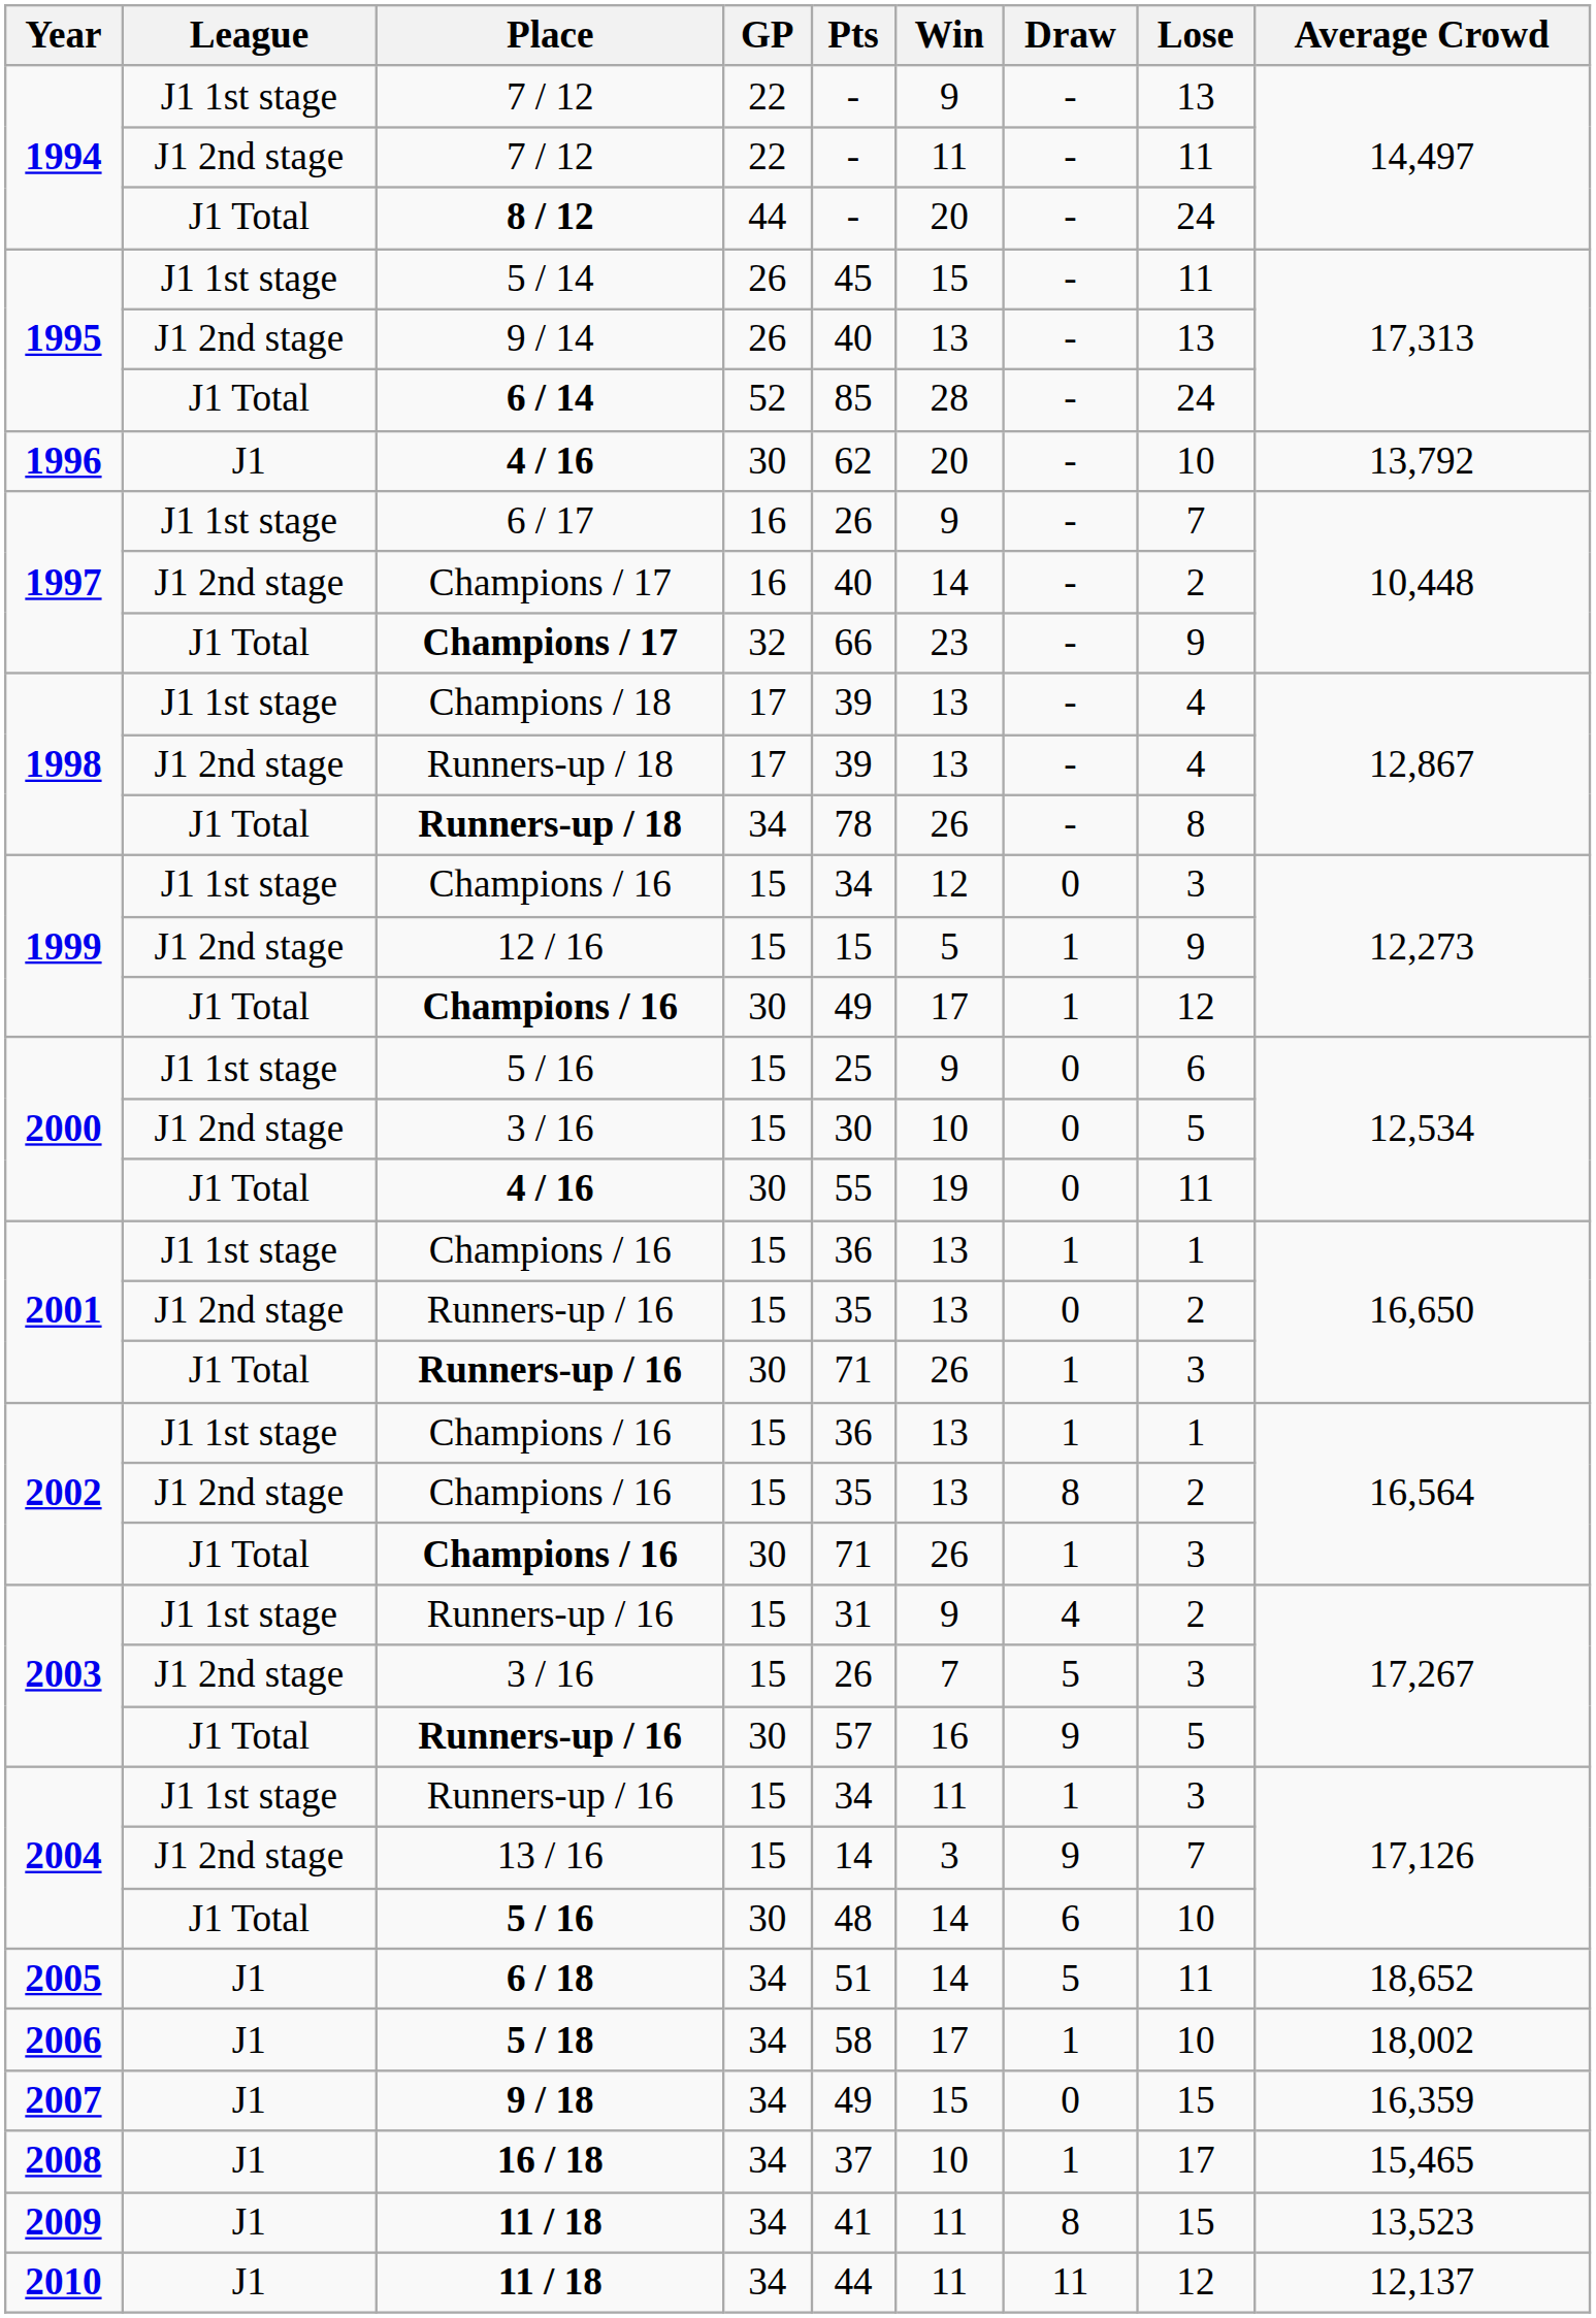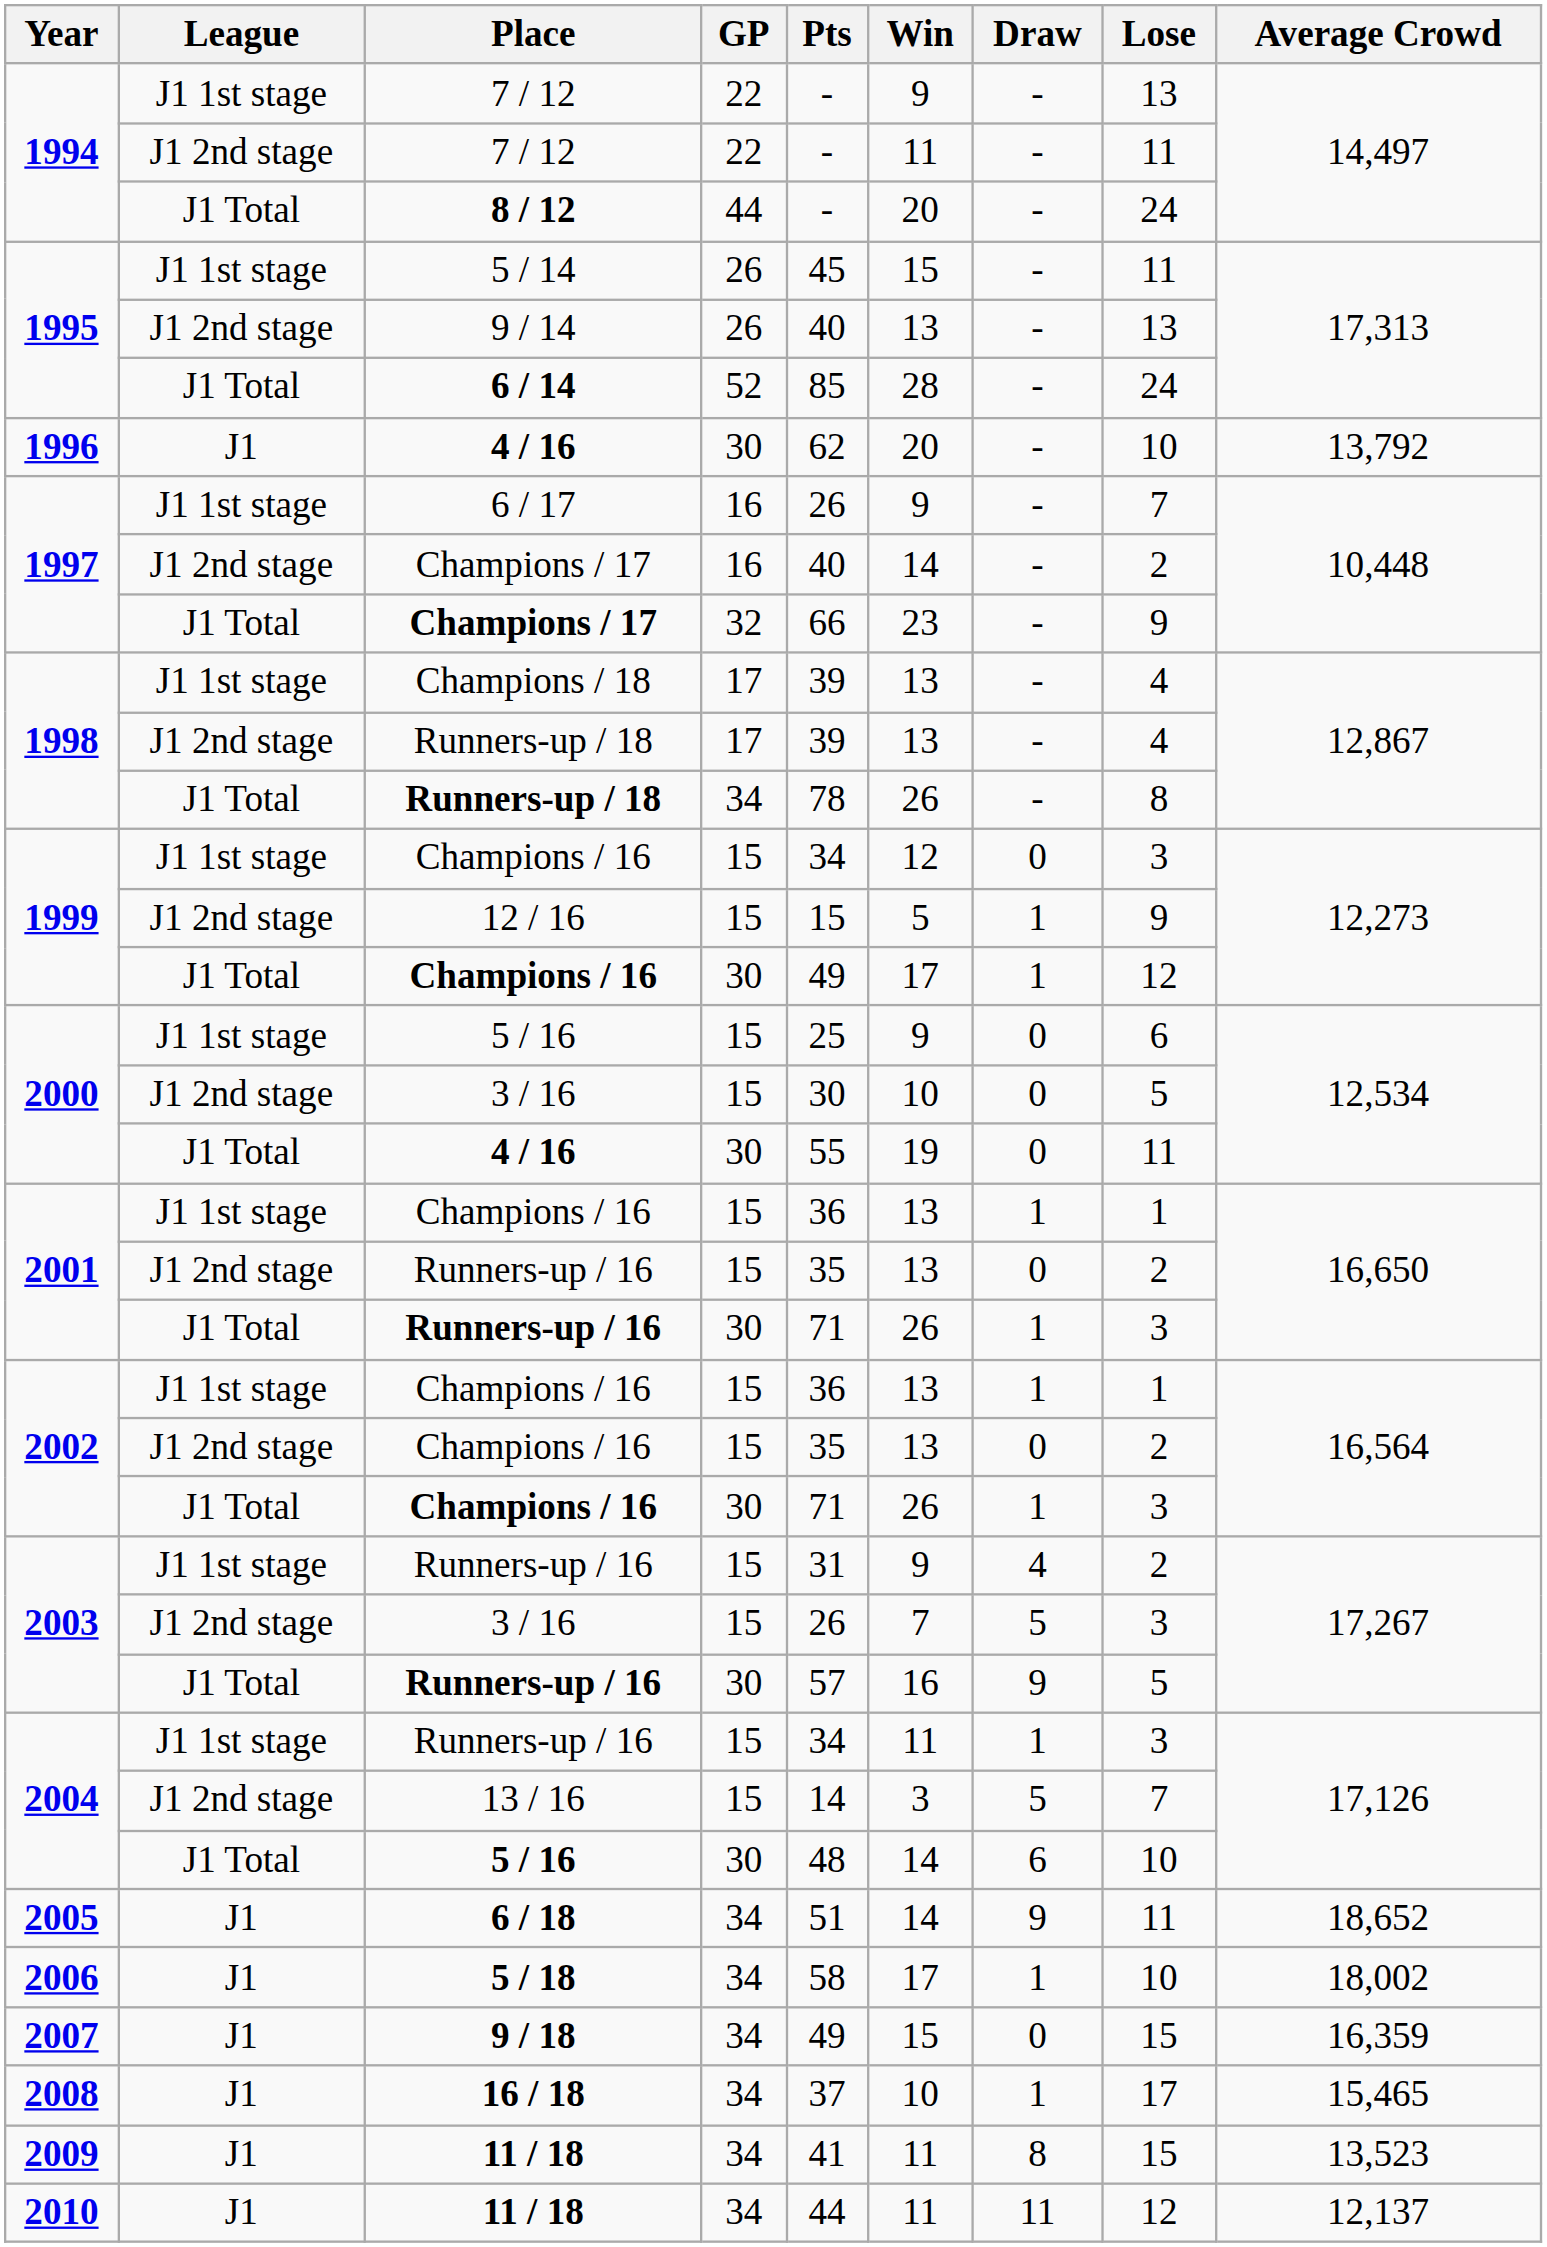 <table class="wikitable sortable" style="width:75%; align:center; text-align:center">
 <tr>
 <th>Year</th>
 <th>League</th>
 <th>Place</th>
 <th>GP</th>
 <th>Pts</th>
 <th>Win</th>
 <th>Draw</th>
 <th>Lose</th>
 <th>Average Crowd</th>
 </tr>
 <tr>
 <td rowspan="3"><strong><a href='#'>1994</a></strong></td>
 <td>J1 1st stage</td>
 <td>7 / 12</td>
 <td>22</td>
 <td>-</td>
 <td>9</td>
 <td>-</td>
 <td>13</td>
 <td rowspan="3">14,497</td>
 </tr>
 <tr>
 <td>J1 2nd stage</td>
 <td>7 / 12</td>
 <td>22</td>
 <td>-</td>
 <td>11</td>
 <td>-</td>
 <td>11</td>
 </tr>
 <tr>
 <td>J1 Total</td>
 <td><strong>8 / 12</strong></td>
 <td>44</td>
 <td>-</td>
 <td>20</td>
 <td>-</td>
 <td>24</td>
 </tr>
 <tr>
 <td rowspan="3"><strong><a href='#'>1995</a></strong></td>
 <td>J1 1st stage</td>
 <td>5 / 14</td>
 <td>26</td>
 <td>45</td>
 <td>15</td>
 <td>-</td>
 <td>11</td>
 <td rowspan="3">17,313</td>
 </tr>
 <tr>
 <td>J1 2nd stage</td>
 <td>9 / 14</td>
 <td>26</td>
 <td>40</td>
 <td>13</td>
 <td>-</td>
 <td>13</td>
 </tr>
 <tr>
 <td>J1 Total</td>
 <td><strong>6 / 14</strong></td>
 <td>52</td>
 <td>85</td>
 <td>28</td>
 <td>-</td>
 <td>24</td>
 </tr>
 <tr>
 <td><strong><a href='#'>1996</a></strong></td>
 <td>J1</td>
 <td><strong>4 / 16</strong></td>
 <td>30</td>
 <td>62</td>
 <td>20</td>
 <td>-</td>
 <td>10</td>
 <td>13,792</td>
 </tr>
 <tr>
 <td rowspan="3"><strong><a href='#'>1997</a></strong></td>
 <td>J1 1st stage</td>
 <td>6 / 17</td>
 <td>16</td>
 <td>26</td>
 <td>9</td>
 <td>-</td>
 <td>7</td>
 <td rowspan="3">10,448</td>
 </tr>
 <tr>
 <td>J1 2nd stage</td>
 <td>Champions / 17</td>
 <td>16</td>
 <td>40</td>
 <td>14</td>
 <td>-</td>
 <td>2</td>
 </tr>
 <tr>
 <td>J1 Total</td>
 <td><strong>Champions / 17</strong></td>
 <td>32</td>
 <td>66</td>
 <td>23</td>
 <td>-</td>
 <td>9</td>
 </tr>
 <tr>
 <td rowspan="3"><strong><a href='#'>1998</a></strong></td>
 <td>J1 1st stage</td>
 <td>Champions / 18</td>
 <td>17</td>
 <td>39</td>
 <td>13</td>
 <td>-</td>
 <td>4</td>
 <td rowspan="3">12,867</td>
 </tr>
 <tr>
 <td>J1 2nd stage</td>
 <td>Runners-up / 18</td>
 <td>17</td>
 <td>39</td>
 <td>13</td>
 <td>-</td>
 <td>4</td>
 </tr>
 <tr>
 <td>J1 Total</td>
 <td><strong>Runners-up / 18</strong></td>
 <td>34</td>
 <td>78</td>
 <td>26</td>
 <td>-</td>
 <td>8</td>
 </tr>
 <tr>
 <td rowspan="3"><strong><a href='#'>1999</a></strong></td>
 <td>J1 1st stage</td>
 <td>Champions / 16</td>
 <td>15</td>
 <td>34</td>
 <td>12</td>
 <td>0</td>
 <td>3</td>
 <td rowspan="3">12,273</td>
 </tr>
 <tr>
 <td>J1 2nd stage</td>
 <td>12 / 16</td>
 <td>15</td>
 <td>15</td>
 <td>5</td>
 <td>1</td>
 <td>9</td>
 </tr>
 <tr>
 <td>J1 Total</td>
 <td><strong>Champions / 16</strong></td>
 <td>30</td>
 <td>49</td>
 <td>17</td>
 <td>1</td>
 <td>12</td>
 </tr>
 <tr>
 <td rowspan="3"><strong><a href='#'>2000</a></strong></td>
 <td>J1 1st stage</td>
 <td>5 / 16</td>
 <td>15</td>
 <td>25</td>
 <td>9</td>
 <td>0</td>
 <td>6</td>
 <td rowspan="3">12,534</td>
 </tr>
 <tr>
 <td>J1 2nd stage</td>
 <td>3 / 16</td>
 <td>15</td>
 <td>30</td>
 <td>10</td>
 <td>0</td>
 <td>5</td>
 </tr>
 <tr>
 <td>J1 Total</td>
 <td><strong>4 / 16</strong></td>
 <td>30</td>
 <td>55</td>
 <td>19</td>
 <td>0</td>
 <td>11</td>
 </tr>
 <tr>
 <td rowspan="3"><strong><a href='#'>2001</a></strong></td>
 <td>J1 1st stage</td>
 <td>Champions / 16</td>
 <td>15</td>
 <td>36</td>
 <td>13</td>
 <td>1</td>
 <td>1</td>
 <td rowspan="3">16,650</td>
 </tr>
 <tr>
 <td>J1 2nd stage</td>
 <td>Runners-up / 16</td>
 <td>15</td>
 <td>35</td>
 <td>13</td>
 <td>0</td>
 <td>2</td>
 </tr>
 <tr>
 <td>J1 Total</td>
 <td><strong>Runners-up / 16</strong></td>
 <td>30</td>
 <td>71</td>
 <td>26</td>
 <td>1</td>
 <td>3</td>
 </tr>
 <tr>
 <td rowspan="3"><strong><a href='#'>2002</a></strong></td>
 <td>J1 1st stage</td>
 <td>Champions / 16</td>
 <td>15</td>
 <td>36</td>
 <td>13</td>
 <td>1</td>
 <td>1</td>
 <td rowspan="3">16,564</td>
 </tr>
 <tr>
 <td>J1 2nd stage</td>
 <td>Champions / 16</td>
 <td>15</td>
 <td>35</td>
 <td>13</td>
-<td>8</td>
+<td>0</td>
 <td>2</td>
 </tr>
 <tr>
 <td>J1 Total</td>
 <td><strong>Champions / 16</strong></td>
 <td>30</td>
 <td>71</td>
 <td>26</td>
 <td>1</td>
 <td>3</td>
 </tr>
 <tr>
 <td rowspan="3"><strong><a href='#'>2003</a></strong></td>
 <td>J1 1st stage</td>
 <td>Runners-up / 16</td>
 <td>15</td>
 <td>31</td>
 <td>9</td>
 <td>4</td>
 <td>2</td>
 <td rowspan="3">17,267</td>
 </tr>
 <tr>
 <td>J1 2nd stage</td>
 <td>3 / 16</td>
 <td>15</td>
 <td>26</td>
 <td>7</td>
 <td>5</td>
 <td>3</td>
 </tr>
 <tr>
 <td>J1 Total</td>
 <td><strong>Runners-up / 16</strong></td>
 <td>30</td>
 <td>57</td>
 <td>16</td>
 <td>9</td>
 <td>5</td>
 </tr>
 <tr>
 <td rowspan="3"><strong><a href='#'>2004</a></strong></td>
 <td>J1 1st stage</td>
 <td>Runners-up / 16</td>
 <td>15</td>
 <td>34</td>
 <td>11</td>
 <td>1</td>
 <td>3</td>
 <td rowspan="3">17,126</td>
 </tr>
 <tr>
 <td>J1 2nd stage</td>
 <td>13 / 16</td>
 <td>15</td>
 <td>14</td>
 <td>3</td>
-<td>9</td>
+<td>5</td>
 <td>7</td>
 </tr>
 <tr>
 <td>J1 Total</td>
 <td><strong>5 / 16</strong></td>
 <td>30</td>
 <td>48</td>
 <td>14</td>
 <td>6</td>
 <td>10</td>
 </tr>
 <tr>
 <td><strong><a href='#'>2005</a></strong></td>
 <td>J1</td>
 <td><strong>6 / 18</strong></td>
 <td>34</td>
 <td>51</td>
 <td>14</td>
-<td>5</td>
+<td>9</td>
 <td>11</td>
 <td>18,652</td>
 </tr>
 <tr>
 <td><strong><a href='#'>2006</a></strong></td>
 <td>J1</td>
 <td><strong>5 / 18</strong></td>
 <td>34</td>
 <td>58</td>
 <td>17</td>
 <td>1</td>
 <td>10</td>
 <td>18,002</td>
 </tr>
 <tr>
 <td><strong><a href='#'>2007</a></strong></td>
 <td>J1</td>
 <td><strong>9 / 18</strong></td>
 <td>34</td>
 <td>49</td>
 <td>15</td>
 <td>0</td>
 <td>15</td>
 <td>16,359</td>
 </tr>
 <tr>
 <td><strong><a href='#'>2008</a></strong></td>
 <td>J1</td>
 <td><strong>16 / 18</strong></td>
 <td>34</td>
 <td>37</td>
 <td>10</td>
 <td>1</td>
 <td>17</td>
 <td>15,465</td>
 </tr>
 <tr>
 <td><strong><a href='#'>2009</a></strong></td>
 <td>J1</td>
 <td><strong>11 / 18</strong></td>
 <td>34</td>
 <td>41</td>
 <td>11</td>
 <td>8</td>
 <td>15</td>
 <td>13,523</td>
 </tr>
 <tr>
 <td><strong><a href='#'>2010</a></strong></td>
 <td>J1</td>
 <td><strong>11 / 18</strong></td>
 <td>34</td>
 <td>44</td>
 <td>11</td>
 <td>11</td>
 <td>12</td>
 <td>12,137</td>
 </tr>
 </table>
